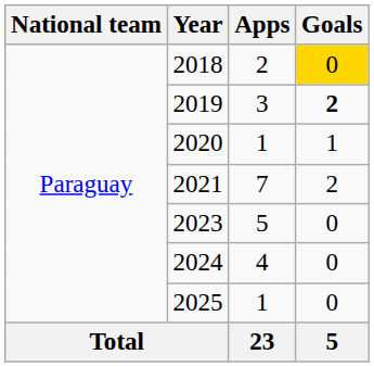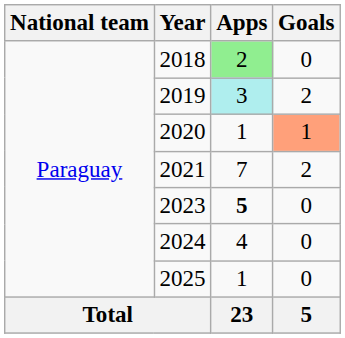 <table class="wikitable" style="text-align:center">
 <tr>
 <th>National team</th>
 <th>Year</th>
 <th>Apps</th>
 <th>Goals</th>
 </tr>
 <tr>
 <td rowspan="7"><a href='#'>Paraguay</a></td>
 <td>2018</td>
-<td>2</td>
-<td style="background: gold;">0</td>
+<td style="background: lightgreen;">2</td>
+<td>0</td>
 </tr>
 <tr>
 <td>2019</td>
-<td>3</td>
-<td><strong>2</strong></td>
+<td style="background: paleturquoise;">3</td>
+<td>2</td>
 </tr>
 <tr>
 <td>2020</td>
 <td>1</td>
-<td>1</td>
+<td style="background: lightsalmon;">1</td>
 </tr>
 <tr>
 <td>2021</td>
 <td>7</td>
 <td>2</td>
 </tr>
 <tr>
 <td>2023</td>
-<td>5</td>
+<td><strong>5</strong></td>
 <td>0</td>
 </tr>
 <tr>
 <td>2024</td>
 <td>4</td>
 <td>0</td>
 </tr>
 <tr>
 <td>2025</td>
 <td>1</td>
 <td>0</td>
 </tr>
 <tr>
 <th colspan="2">Total</th>
 <th>23</th>
 <th>5</th>
 </tr>
 </table>
